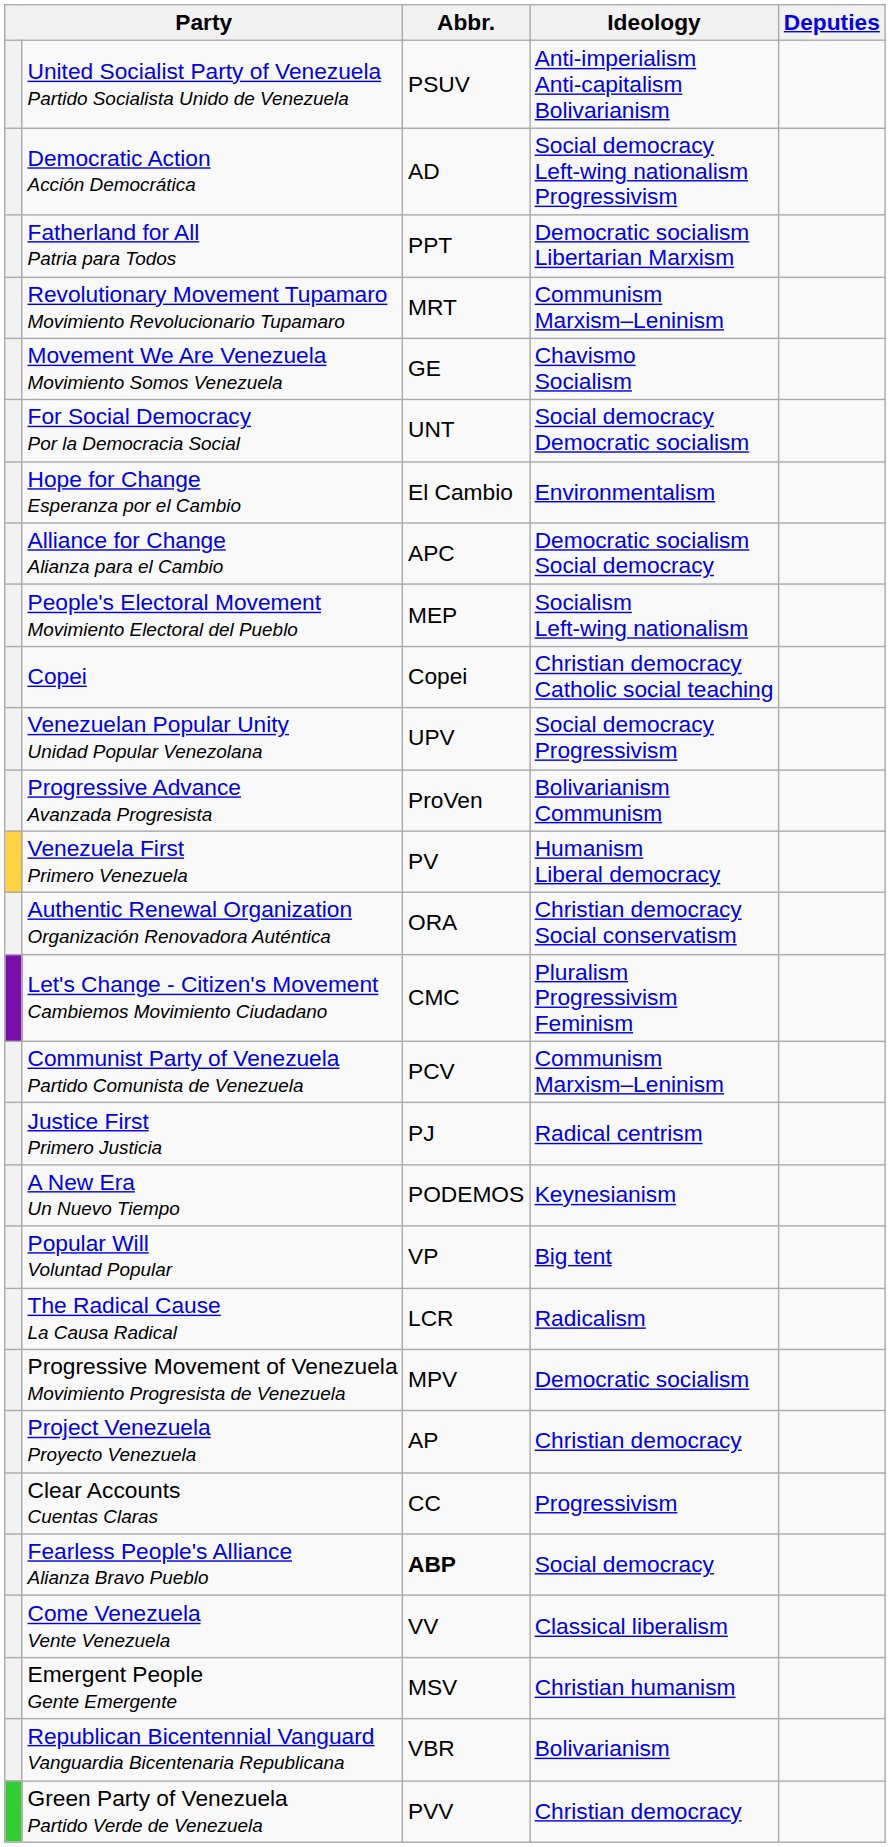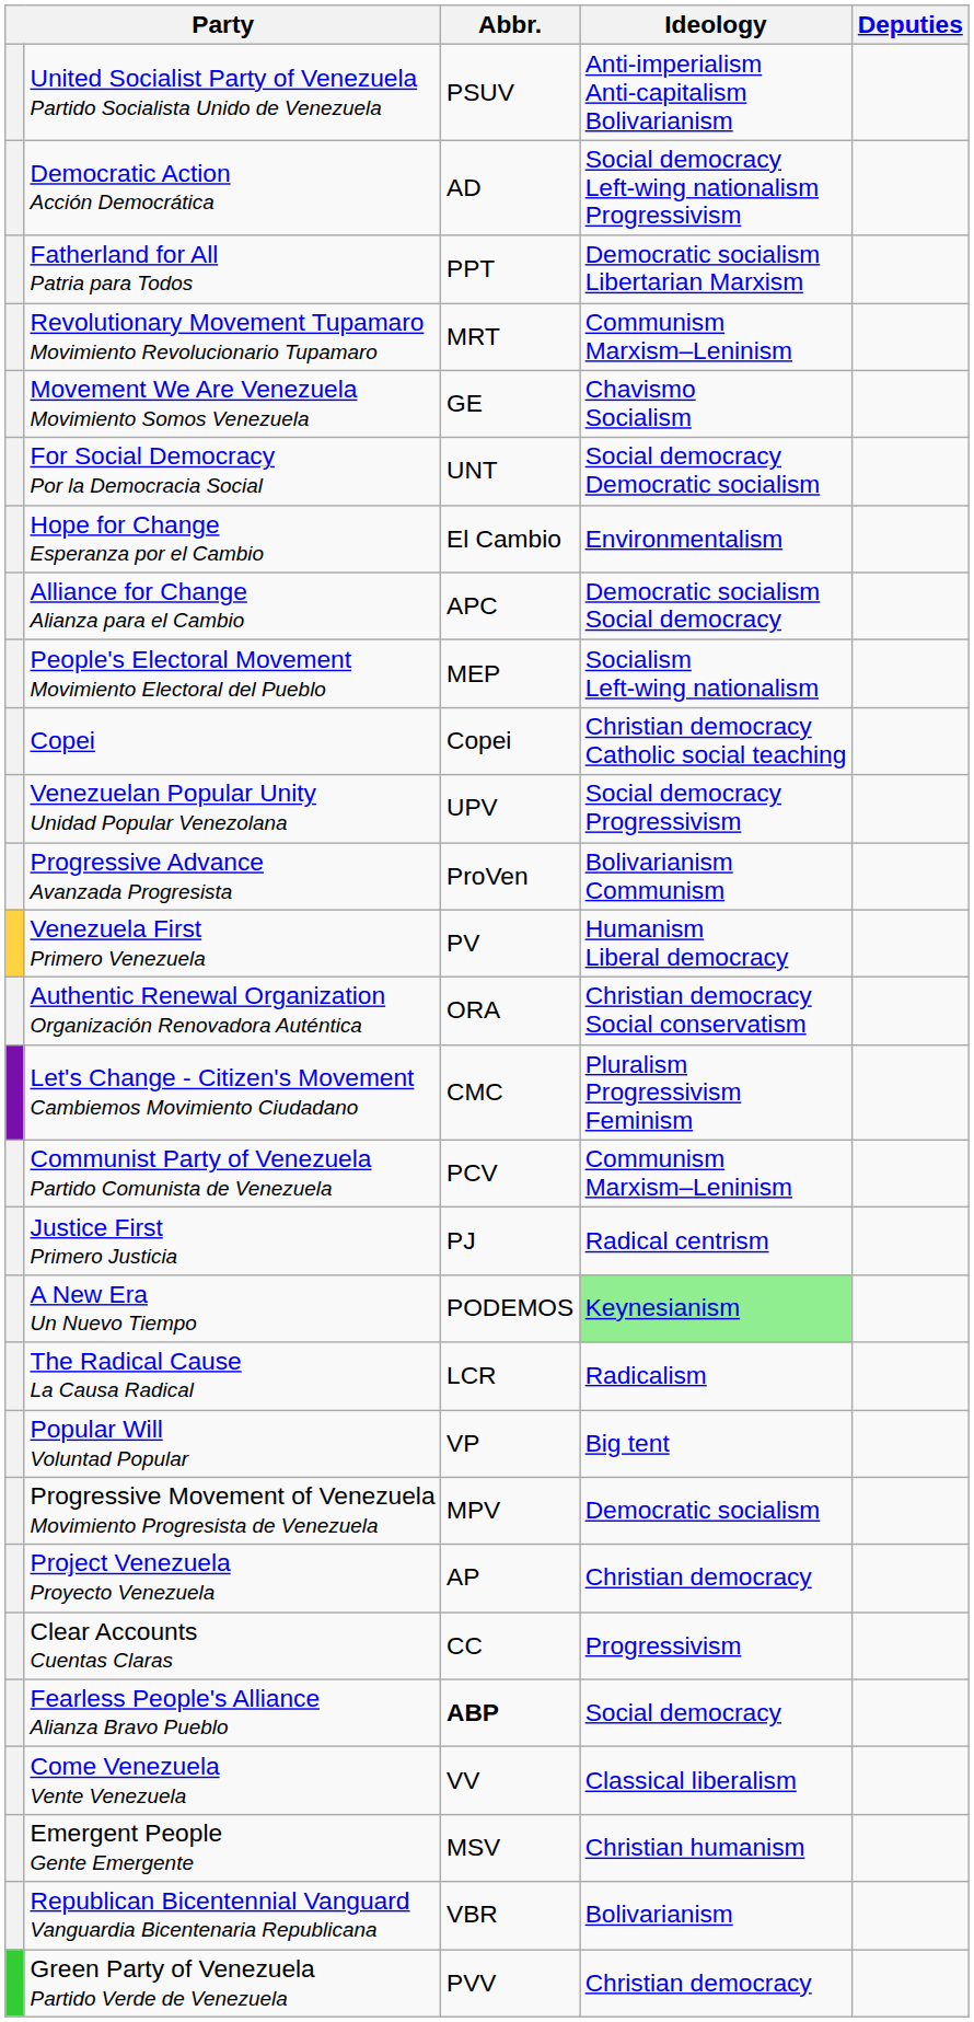 <table class="wikitable sortable">
 <tr>
 <th colspan=2>Party</th>
 <th>Abbr.</th>
 <th>Ideology</th>
 <th><a href='#'>Deputies</a></th>
 </tr>
 <tr>
 <th style="background-color: "></th>
 <td><a href='#'>United Socialist Party of Venezuela</a><br><small><em>Partido Socialista Unido de Venezuela</em></small></td>
 <td>PSUV</td>
 <td><a href='#'>Anti-imperialism</a><br><a href='#'>Anti-capitalism</a><br><a href='#'>Bolivarianism</a></td>
 <td></td>
 </tr>
 <tr>
 <th style="background-color: "></th>
 <td><a href='#'>Democratic Action</a><br><small><em>Acción Democrática</em></small></td>
 <td>AD</td>
 <td><a href='#'>Social democracy</a><br><a href='#'>Left-wing nationalism</a><br><a href='#'>Progressivism</a></td>
 <td></td>
 </tr>
 <tr>
 <th style="background-color: "></th>
 <td><a href='#'>Fatherland for All</a><br><small><em>Patria para Todos</em></small></td>
 <td>PPT</td>
 <td><a href='#'>Democratic socialism</a><br><a href='#'>Libertarian Marxism</a></td>
 <td></td>
 </tr>
 <tr>
 <th style="background-color: "></th>
 <td><a href='#'>Revolutionary Movement Tupamaro</a><br><small><em>Movimiento Revolucionario Tupamaro</em></small></td>
 <td>MRT</td>
 <td><a href='#'>Communism</a><br><a href='#'>Marxism–Leninism</a></td>
 <td></td>
 </tr>
 <tr>
 <th style="background-color: "></th>
 <td><a href='#'>Movement We Are Venezuela</a><br><small><em>Movimiento Somos Venezuela</em></small></td>
 <td>GE</td>
 <td><a href='#'>Chavismo</a><br><a href='#'>Socialism</a></td>
 <td></td>
 </tr>
 <tr>
 <th style="background-color: "></th>
 <td><a href='#'>For Social Democracy</a><br><small><em>Por la Democracia Social</em></small></td>
 <td>UNT</td>
 <td><a href='#'>Social democracy</a><br><a href='#'>Democratic socialism</a></td>
 <td></td>
 </tr>
 <tr>
 <th style="background-color: "></th>
 <td><a href='#'>Hope for Change</a><br><small><em>Esperanza por el Cambio</em></small></td>
 <td>El Cambio</td>
 <td><a href='#'>Environmentalism</a></td>
 <td></td>
 </tr>
 <tr>
 <th style="background-color: "></th>
 <td><a href='#'>Alliance for Change</a><br><small><em>Alianza para el Cambio</em></small></td>
 <td>APC</td>
 <td><a href='#'>Democratic socialism</a><br><a href='#'>Social democracy</a></td>
 <td></td>
 </tr>
 <tr>
 <th style="background-color: "></th>
 <td><a href='#'>People's Electoral Movement</a><br><small><em>Movimiento Electoral del Pueblo</em></small></td>
 <td>MEP</td>
 <td><a href='#'>Socialism</a><br><a href='#'>Left-wing nationalism</a></td>
 <td></td>
 </tr>
 <tr>
 <th style="background-color: "></th>
 <td><a href='#'>Copei</a></td>
 <td>Copei</td>
 <td><a href='#'>Christian democracy</a><br><a href='#'>Catholic social teaching</a></td>
 <td></td>
 </tr>
 <tr>
 <th style="background-color: "></th>
 <td><a href='#'>Venezuelan Popular Unity</a><br><small><em>Unidad Popular Venezolana</em></small></td>
 <td>UPV</td>
 <td><a href='#'>Social democracy</a><br><a href='#'>Progressivism</a></td>
 <td></td>
 </tr>
 <tr>
 <th style="background-color: "></th>
 <td><a href='#'>Progressive Advance</a><br><small><em>Avanzada Progresista</em></small></td>
 <td>ProVen</td>
 <td><a href='#'>Bolivarianism</a><br><a href='#'>Communism</a></td>
 <td></td>
 </tr>
 <tr>
 <th style="background-color: #FED241"></th>
 <td><a href='#'>Venezuela First</a><br><small><em>Primero Venezuela</em></small></td>
 <td>PV</td>
 <td><a href='#'>Humanism</a><br><a href='#'>Liberal democracy</a></td>
 <td></td>
 </tr>
 <tr>
 <th style="background-color: "></th>
 <td><a href='#'>Authentic Renewal Organization</a><br><small><em>Organización Renovadora Auténtica</em></small></td>
 <td>ORA</td>
 <td><a href='#'>Christian democracy</a><br><a href='#'>Social conservatism</a></td>
 <td></td>
 </tr>
 <tr>
 <th style="background-color: #790ead"></th>
 <td><a href='#'>Let's Change - Citizen's Movement</a><br><small><em>Cambiemos Movimiento Ciudadano</em></small></td>
 <td>CMC</td>
 <td><a href='#'>Pluralism</a><br><a href='#'>Progressivism</a><br><a href='#'>Feminism</a></td>
 <td></td>
 </tr>
 <tr>
 <th style="background-color: "></th>
 <td><a href='#'>Communist Party of Venezuela</a><br><small><em>Partido Comunista de Venezuela</em></small></td>
 <td>PCV</td>
 <td><a href='#'>Communism</a><br><a href='#'>Marxism–Leninism</a></td>
 <td></td>
 </tr>
 <tr>
 <th style="background-color: "></th>
 <td><a href='#'>Justice First</a><br><small><em>Primero Justicia</em></small></td>
 <td>PJ</td>
 <td><a href='#'>Radical centrism</a></td>
 <td></td>
 </tr>
 <tr>
 <th style="background-color: "></th>
 <td><a href='#'>A New Era</a><br><small><em>Un Nuevo Tiempo</em></small></td>
 <td>PODEMOS</td>
-<td><a href='#'>Keynesianism</a></td>
+<td style="background: lightgreen;"><a href='#'>Keynesianism</a></td>
+<td></td>
+</tr>
+<tr>
+<th style="background-color: "></th>
+<td><a href='#'>The Radical Cause</a><br><small><em>La Causa Radical</em></small></td>
+<td>LCR</td>
+<td><a href='#'>Radicalism</a></td>
 <td></td>
 </tr>
 <tr>
 <th style="background-color: "></th>
 <td><a href='#'>Popular Will</a><br><small><em>Voluntad Popular</em></small></td>
 <td>VP</td>
 <td><a href='#'>Big tent</a></td>
-<td></td>
-</tr>
-<tr>
-<th style="background-color: "></th>
-<td><a href='#'>The Radical Cause</a><br><small><em>La Causa Radical</em></small></td>
-<td>LCR</td>
-<td><a href='#'>Radicalism</a></td>
 <td></td>
 </tr>
 <tr>
 <th style="background-color: "></th>
 <td>Progressive Movement of Venezuela <br><small><em>Movimiento Progresista de Venezuela</em></small></td>
 <td>MPV</td>
 <td><a href='#'>Democratic socialism</a></td>
 <td></td>
 </tr>
 <tr>
 <th width=5px style="background-color: "></th>
 <td><a href='#'>Project Venezuela</a><br><small><em>Proyecto Venezuela</em></small></td>
 <td>AP</td>
 <td><a href='#'>Christian democracy</a></td>
 <td></td>
 </tr>
 <tr>
 <th style="background-color: "></th>
 <td>Clear Accounts <br><small><em>Cuentas Claras</em></small></td>
 <td>CC</td>
 <td><a href='#'>Progressivism</a></td>
 <td></td>
 </tr>
 <tr>
 <th style="background-color: "></th>
 <td><a href='#'>Fearless People's Alliance</a><br><small><em>Alianza Bravo Pueblo</em></small></td>
 <td><strong>ABP</strong></td>
 <td><a href='#'>Social democracy</a></td>
 <td></td>
 </tr>
 <tr>
 <th style="background-color: "></th>
 <td><a href='#'>Come Venezuela</a><br><small><em>Vente Venezuela</em></small></td>
 <td>VV</td>
 <td><a href='#'>Classical liberalism</a></td>
 <td></td>
 </tr>
 <tr>
 <th style="background-color: "></th>
 <td>Emergent People <br><small><em>Gente Emergente</em></small></td>
 <td>MSV</td>
 <td><a href='#'>Christian humanism</a></td>
 <td></td>
 </tr>
 <tr>
 <th style="background-color: "></th>
 <td><a href='#'>Republican Bicentennial Vanguard</a><br><small><em>Vanguardia Bicentenaria Republicana</em></small></td>
 <td>VBR</td>
 <td><a href='#'>Bolivarianism</a></td>
 <td></td>
 </tr>
 <tr>
 <th style="background-color:#32CD32"></th>
 <td>Green Party of Venezuela<br><small><em>Partido Verde de Venezuela</em></small></td>
 <td>PVV</td>
 <td><a href='#'>Christian democracy</a></td>
 <td></td>
 </tr>
 </table>
